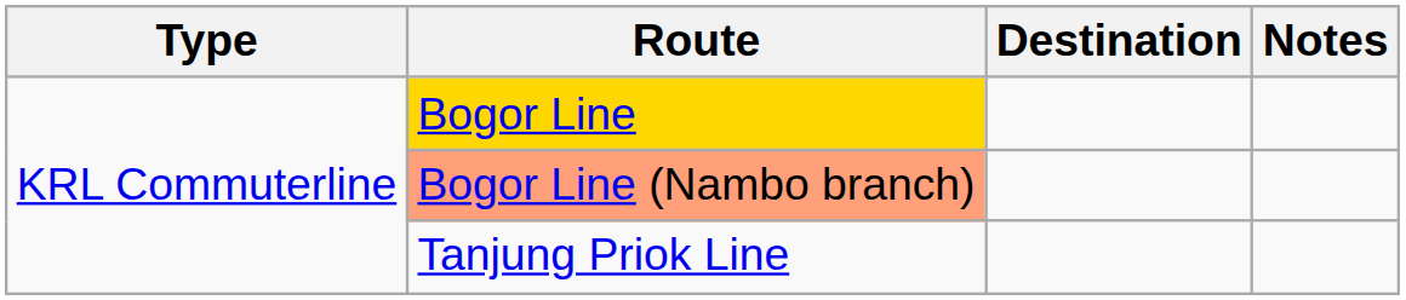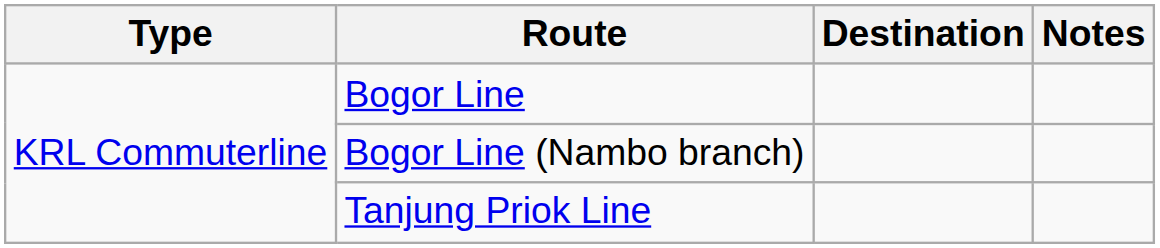 <table class="wikitable">
 <tr>
 <th>Type</th>
 <th>Route</th>
 <th>Destination</th>
 <th>Notes</th>
 </tr>
 <tr>
 <td rowspan="3"><a href='#'>KRL Commuterline</a></td>
-<td style="background: gold;"> <a href='#'>Bogor Line</a></td>
+<td> <a href='#'>Bogor Line</a></td>
 <td></td>
 <td></td>
 </tr>
 <tr>
-<td style="background: lightsalmon;"> <a href='#'>Bogor Line</a> (Nambo branch)</td>
+<td> <a href='#'>Bogor Line</a> (Nambo branch)</td>
 <td></td>
 <td></td>
 </tr>
 <tr>
 <td> <a href='#'>Tanjung Priok Line</a></td>
 <td></td>
 <td></td>
 </tr>
 </table>
